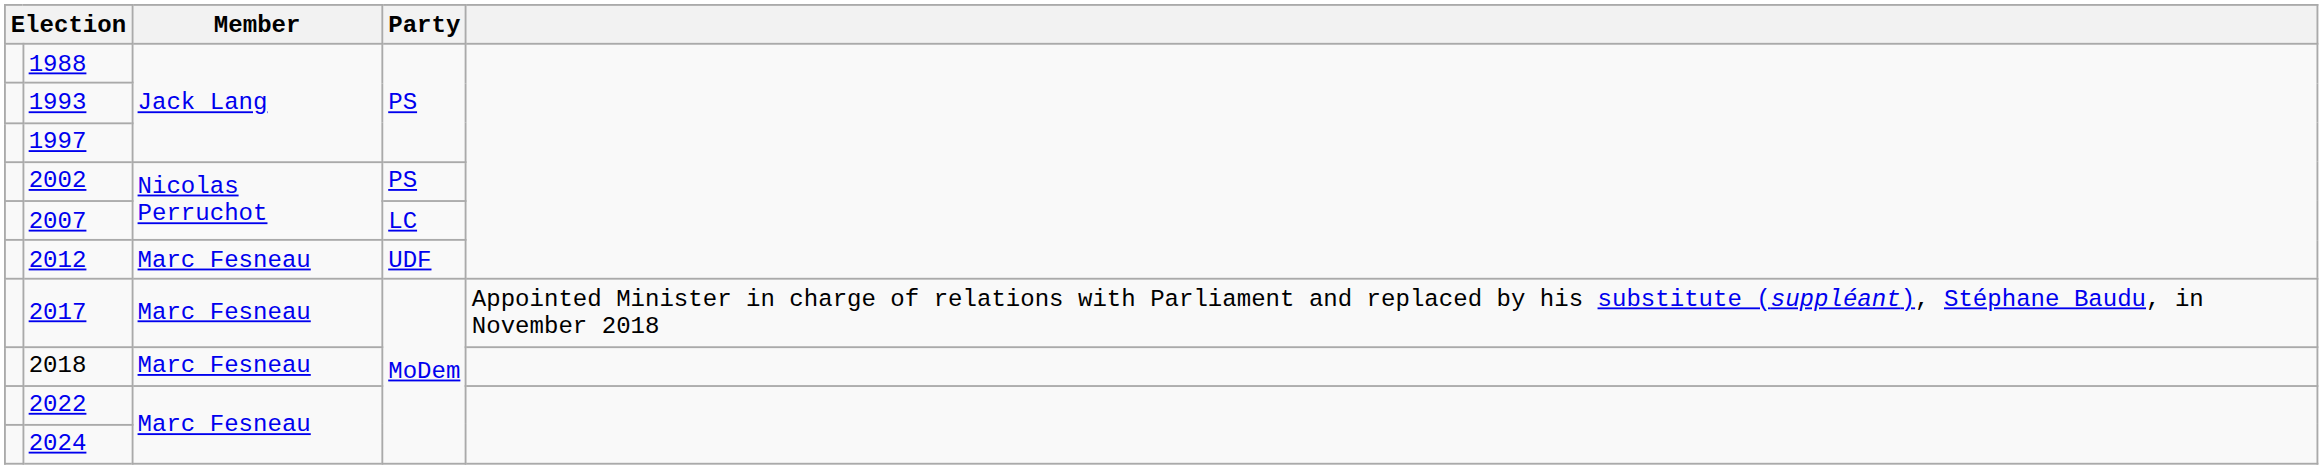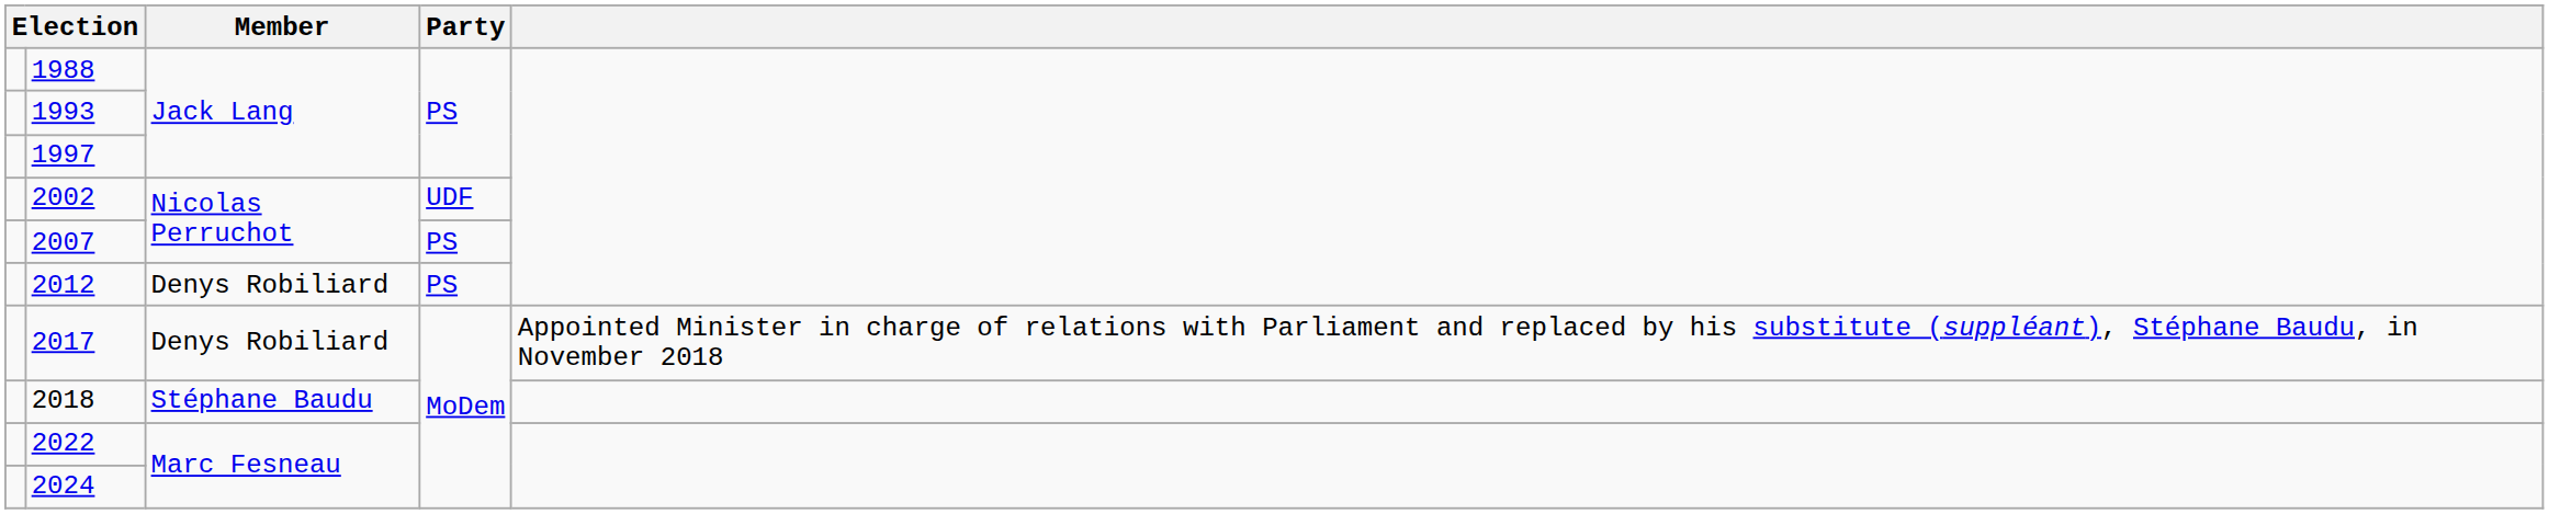 <table class="wikitable">
 <tr>
 <th colspan="2">Election</th>
 <th>Member</th>
 <th>Party</th>
 <th></th>
 </tr>
 <tr>
 <td style="color:inherit;background-color: "></td>
 <td><a href='#'>1988</a></td>
 <td rowspan=3><a href='#'>Jack Lang</a></td>
 <td rowspan=3><a href='#'>PS</a></td>
 </tr>
 <tr>
 <td style="color:inherit;background-color: "></td>
 <td><a href='#'>1993</a></td>
 </tr>
 <tr>
 <td style="color:inherit;background-color: "></td>
 <td><a href='#'>1997</a></td>
 </tr>
 <tr>
 <td style="color:inherit;background-color: "></td>
 <td><a href='#'>2002</a></td>
 <td rowspan=2><a href='#'>Nicolas Perruchot</a></td>
+<td><a href='#'>UDF</a></td>
+</tr>
+<tr>
+<td style="color:inherit;background-color: "></td>
+<td><a href='#'>2007</a></td>
 <td><a href='#'>PS</a></td>
 </tr>
 <tr>
 <td style="color:inherit;background-color: "></td>
-<td><a href='#'>2007</a></td>
-<td><a href='#'>LC</a></td>
-</tr>
-<tr>
-<td style="color:inherit;background-color: "></td>
 <td><a href='#'>2012</a></td>
-<td><a href='#'>Marc Fesneau</a></td>
-<td><a href='#'>UDF</a></td>
+<td>Denys Robiliard</td>
+<td><a href='#'>PS</a></td>
 </tr>
 <tr>
 <td style="color:inherit;background-color: "></td>
 <td><a href='#'>2017</a></td>
-<td><a href='#'>Marc Fesneau</a></td>
+<td>Denys Robiliard</td>
 <td rowspan="4"><a href='#'>MoDem</a></td>
 <td>Appointed Minister in charge of relations with Parliament and replaced by his <a href='#'>substitute (<em>suppléant</em>)</a>, <a href='#'>Stéphane Baudu</a>, in November 2018</td>
 </tr>
 <tr>
 <td style="color:inherit;background-color: "></td>
 <td>2018</td>
-<td><a href='#'>Marc Fesneau</a></td>
+<td><a href='#'>Stéphane Baudu</a></td>
 <td></td>
 </tr>
 <tr>
 <td style="color:inherit;background-color: "></td>
 <td><a href='#'>2022</a></td>
 <td rowspan="2"><a href='#'>Marc Fesneau</a></td>
 </tr>
 <tr>
 <td style="color:inherit;background-color: "></td>
 <td><a href='#'>2024</a></td>
 </tr>
 </table>
